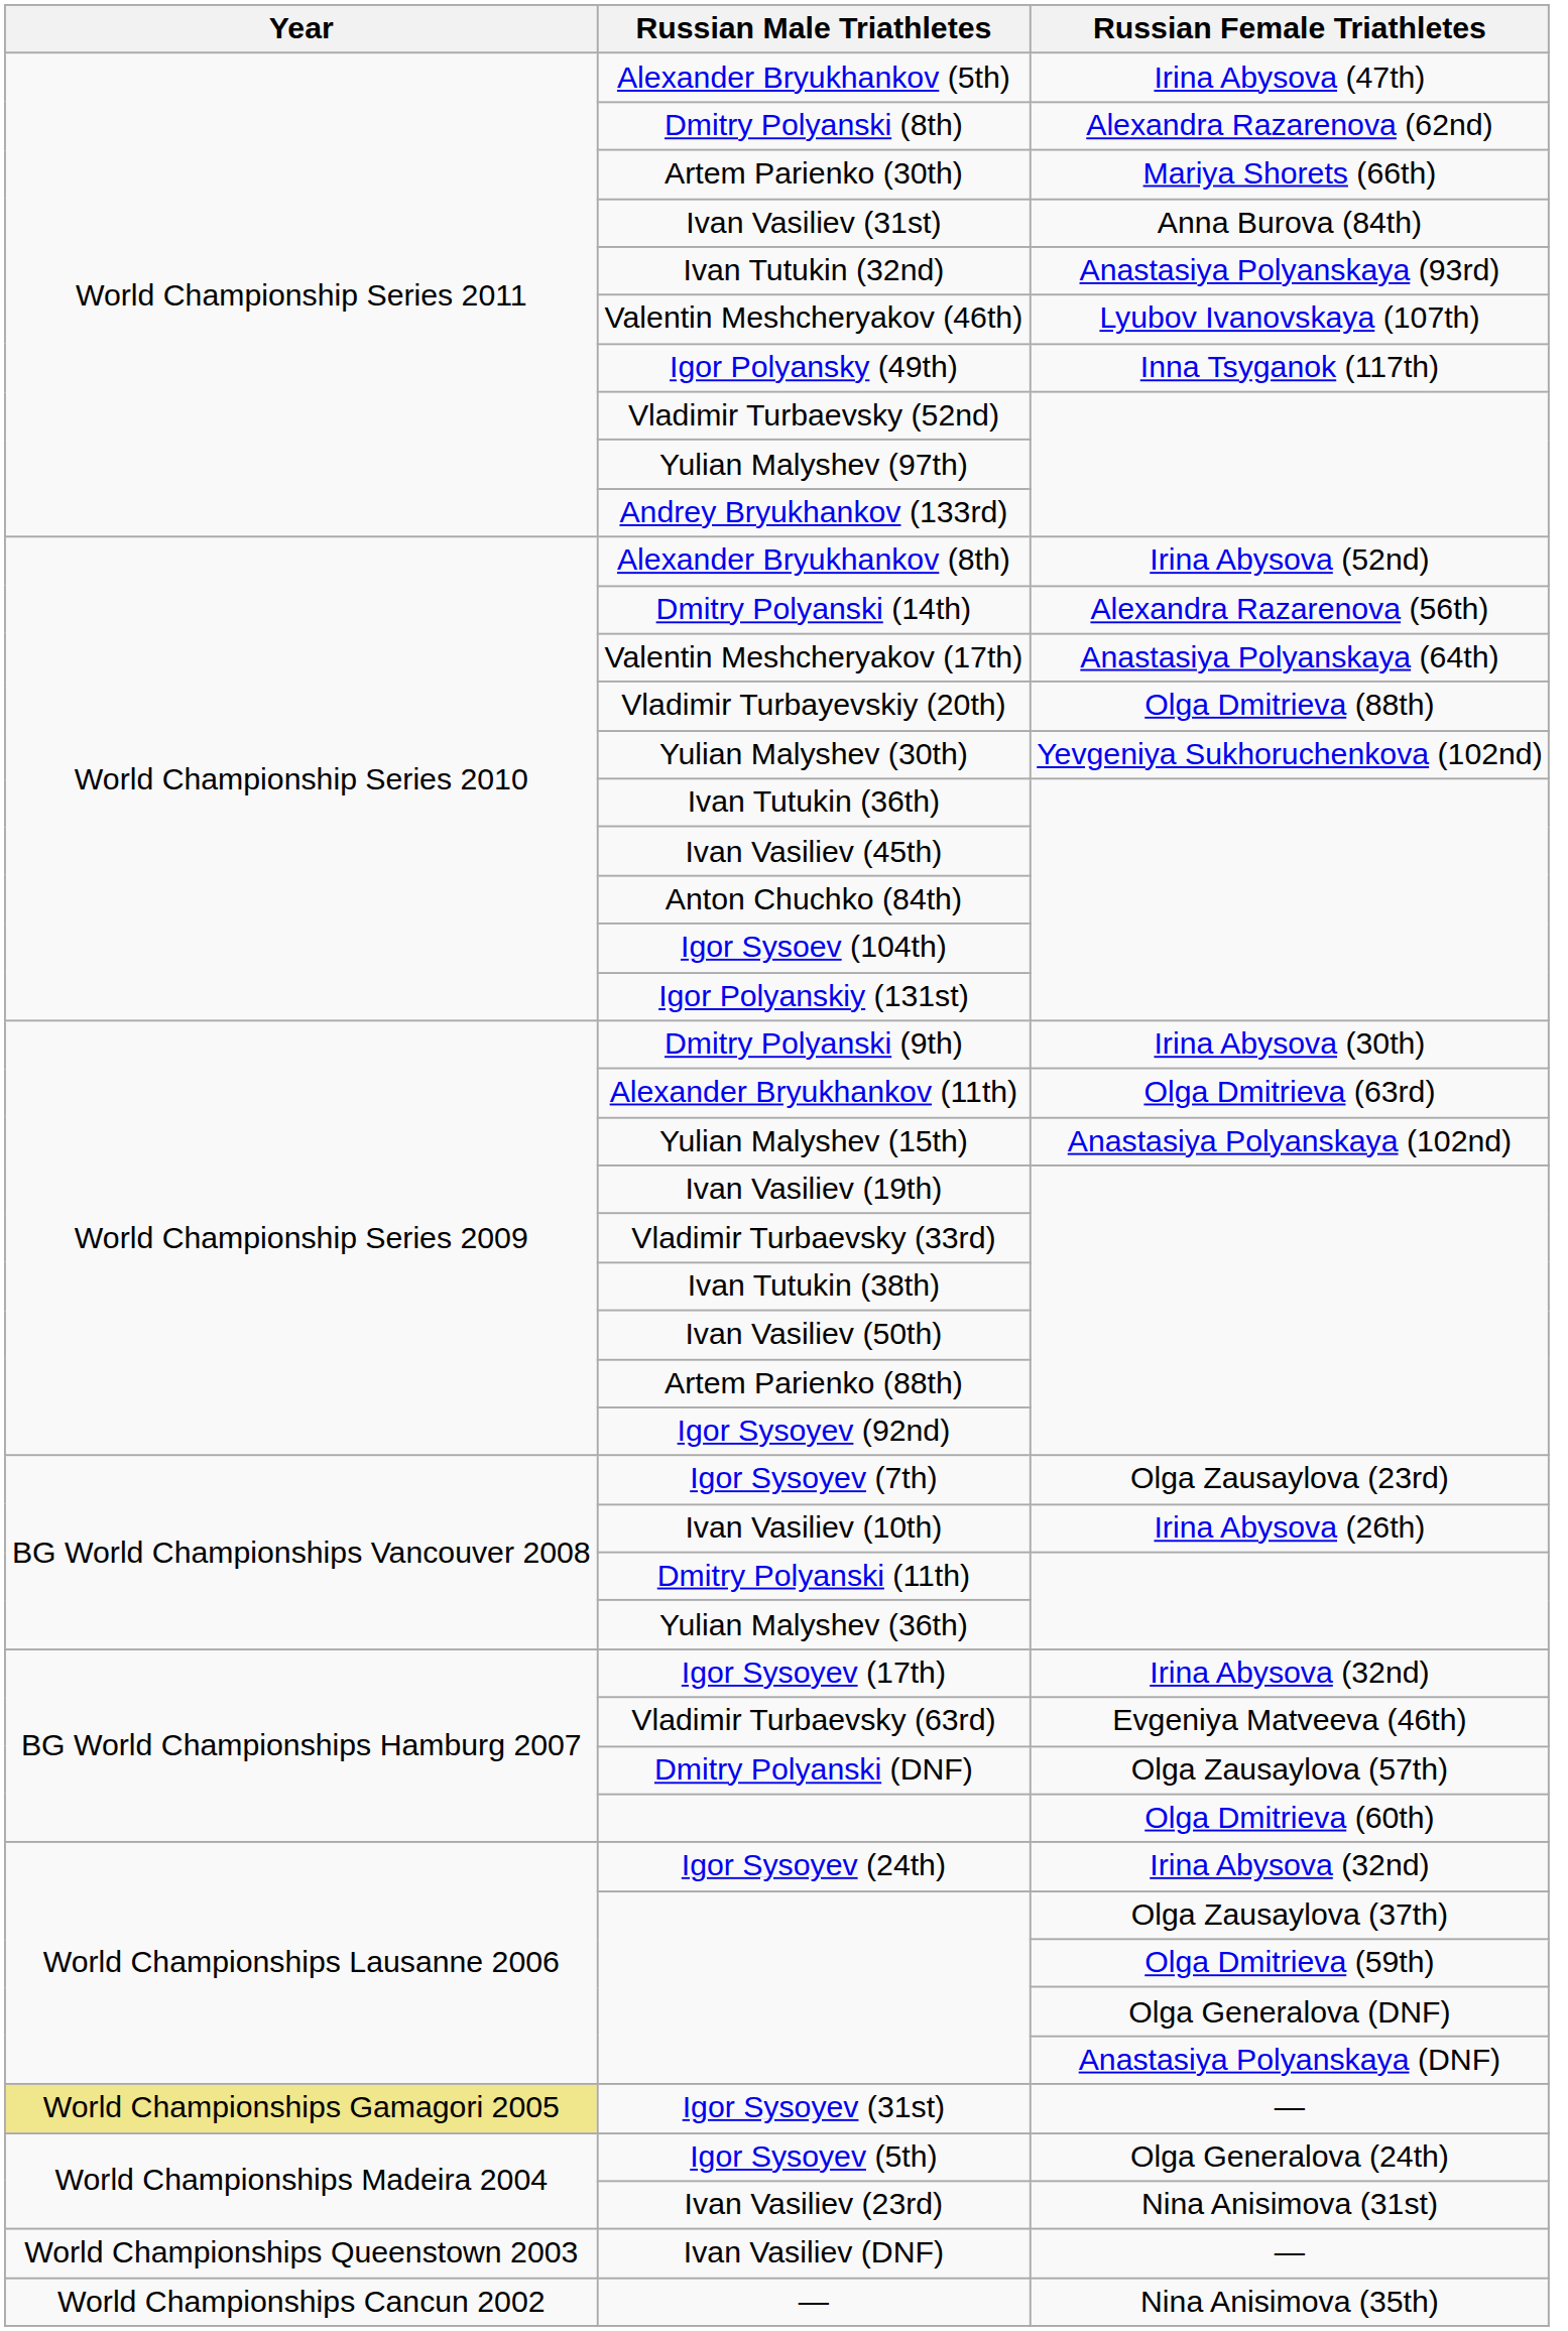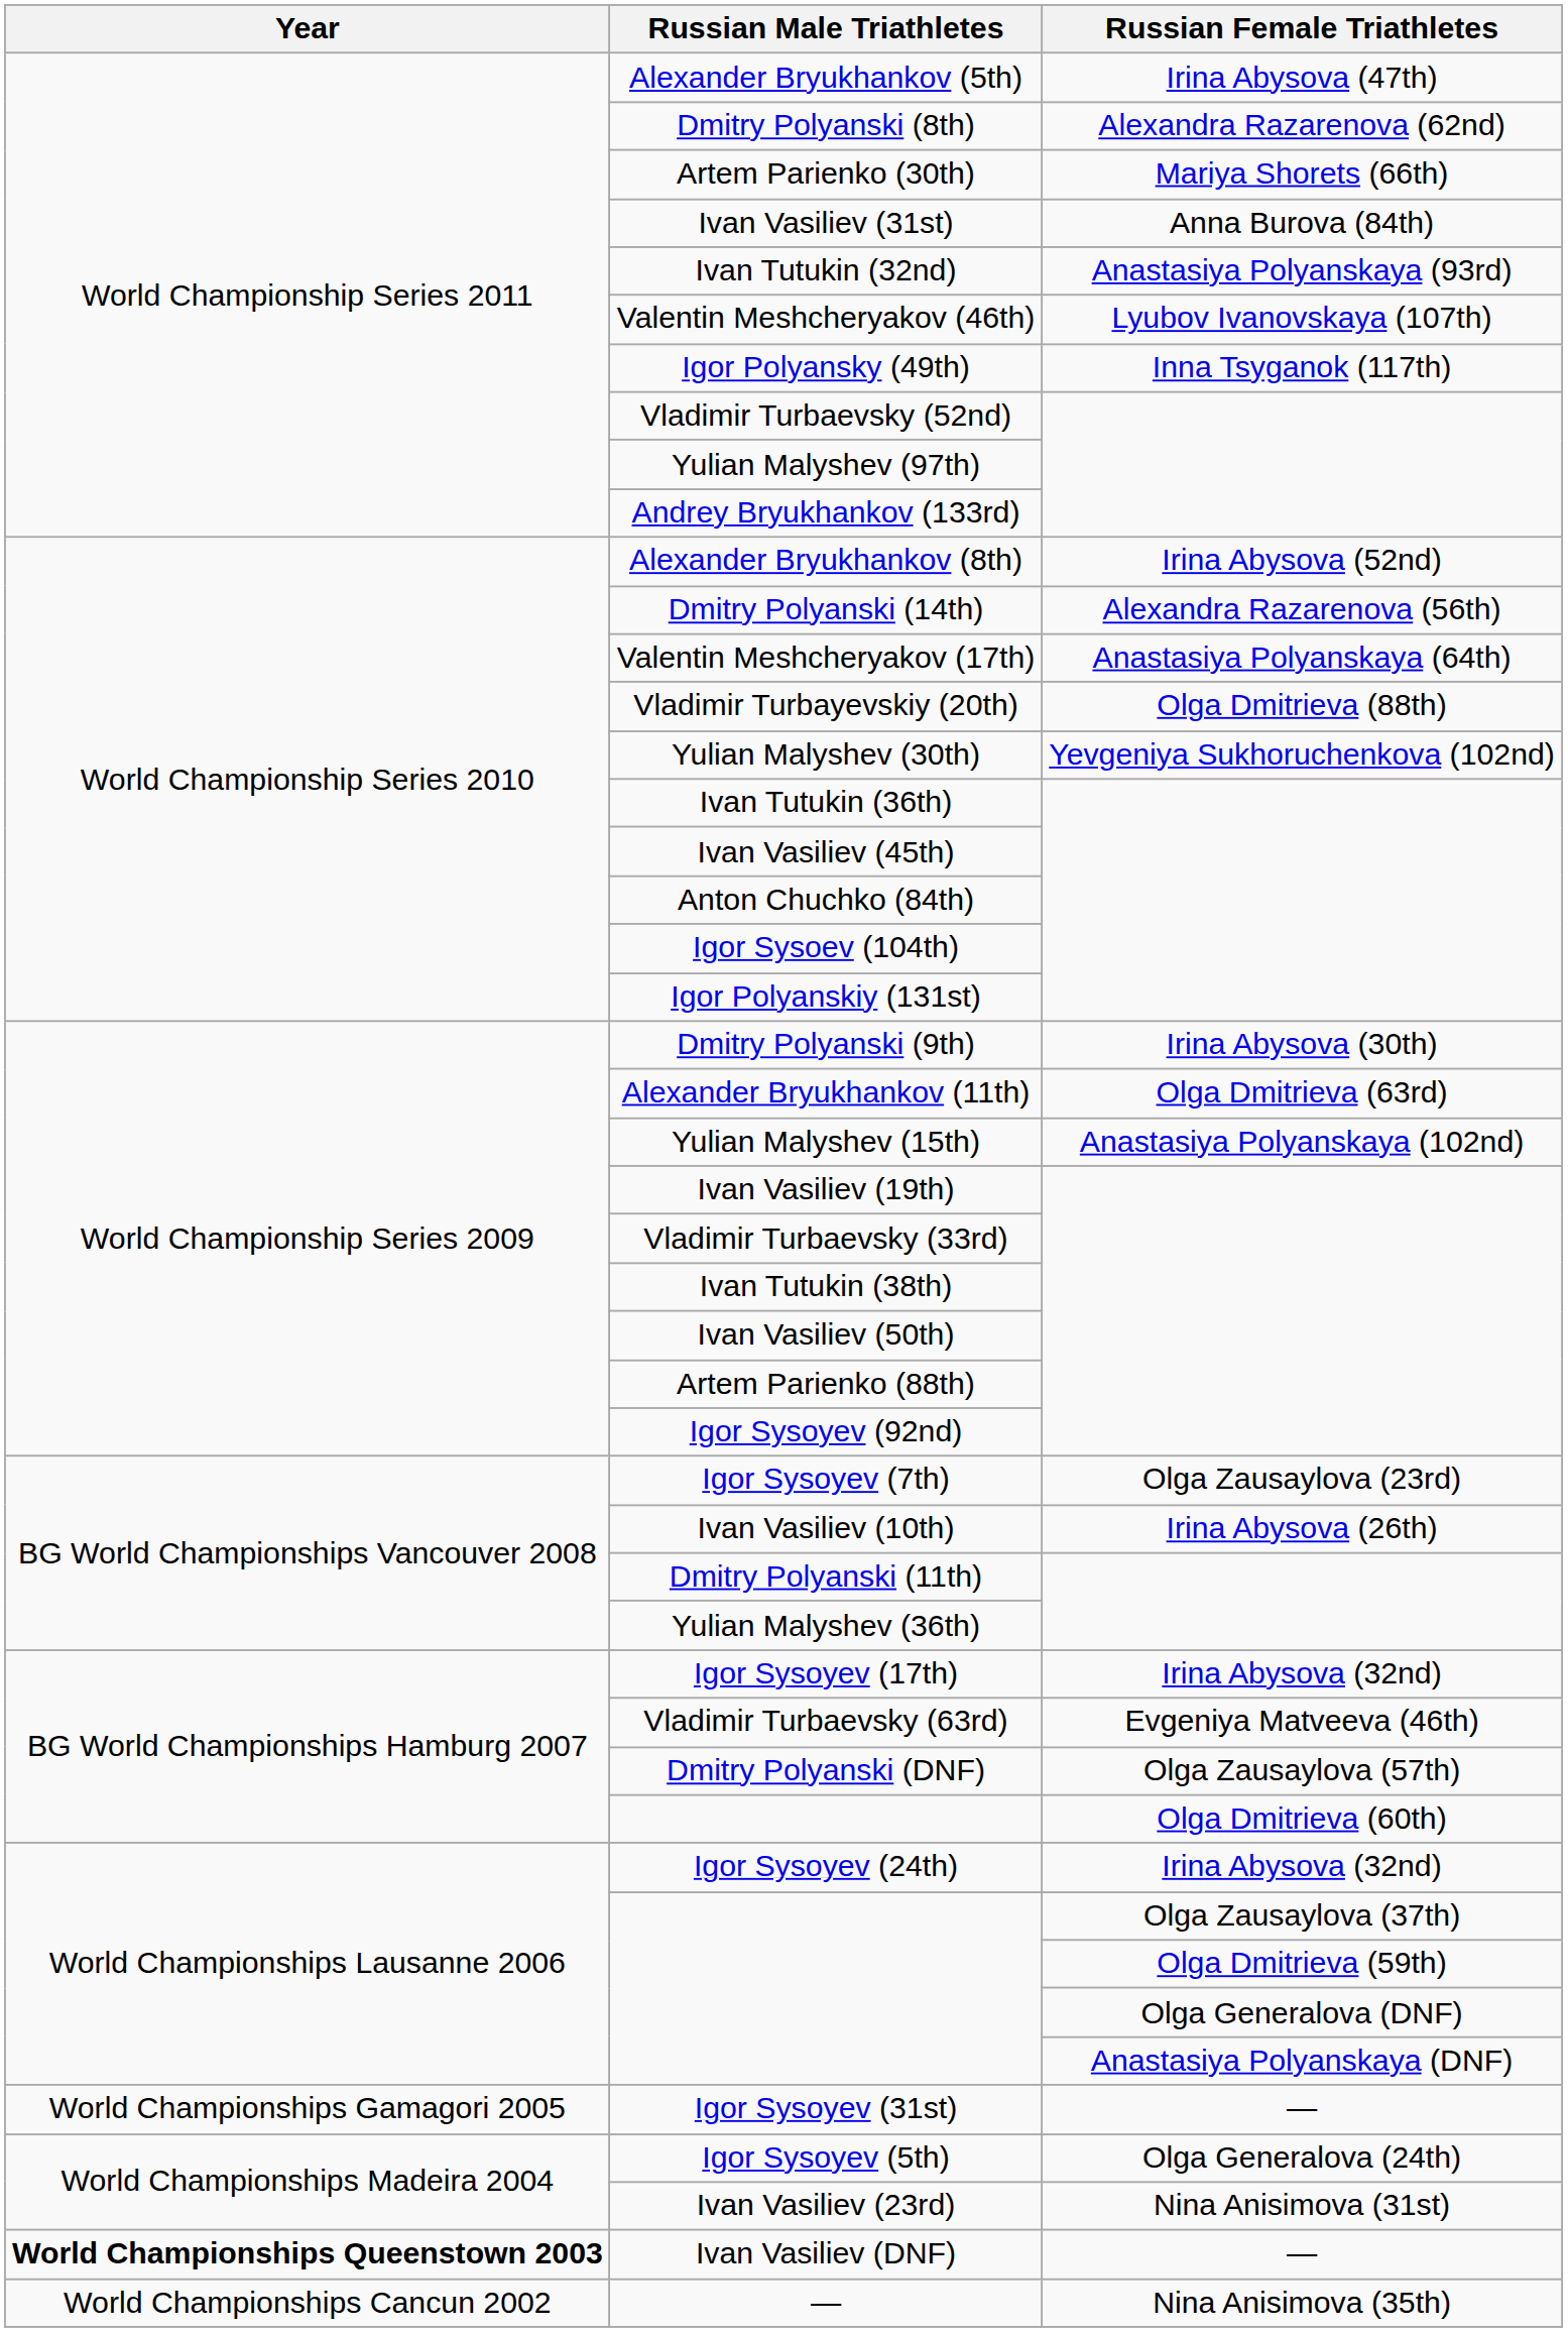 <table class="wikitable" style="text-align: center;">
 <tr>
 <th>Year</th>
 <th>Russian Male Triathletes</th>
 <th>Russian Female Triathletes</th>
 </tr>
 <tr>
 <td rowspan="10">World Championship Series 2011</td>
 <td><a href='#'>Alexander Bryukhankov</a> (5th)</td>
 <td><a href='#'>Irina Abysova</a> (47th)</td>
 </tr>
 <tr>
 <td><a href='#'>Dmitry Polyanski</a> (8th)</td>
 <td><a href='#'>Alexandra Razarenova</a> (62nd)</td>
 </tr>
 <tr>
 <td>Artem Parienko (30th)</td>
 <td><a href='#'>Mariya Shorets</a> (66th)</td>
 </tr>
 <tr>
 <td>Ivan Vasiliev (31st)</td>
 <td>Anna Burova (84th)</td>
 </tr>
 <tr>
 <td>Ivan Tutukin (32nd)</td>
 <td><a href='#'>Anastasiya Polyanskaya</a> (93rd)</td>
 </tr>
 <tr>
 <td>Valentin Meshcheryakov (46th)</td>
 <td><a href='#'>Lyubov Ivanovskaya</a> (107th)</td>
 </tr>
 <tr>
 <td><a href='#'>Igor Polyansky</a> (49th)</td>
 <td><a href='#'>Inna Tsyganok</a> (117th)</td>
 </tr>
 <tr>
 <td>Vladimir Turbaevsky (52nd)</td>
 <td rowspan="3"></td>
 </tr>
 <tr>
 <td>Yulian Malyshev (97th)</td>
 </tr>
 <tr>
 <td><a href='#'>Andrey Bryukhankov</a> (133rd)</td>
 </tr>
 <tr>
 <td rowspan="10">World Championship Series 2010</td>
 <td><a href='#'>Alexander Bryukhankov</a> (8th)</td>
 <td><a href='#'>Irina Abysova</a> (52nd)</td>
 </tr>
 <tr>
 <td><a href='#'>Dmitry Polyanski</a> (14th)</td>
 <td><a href='#'>Alexandra Razarenova</a> (56th)</td>
 </tr>
 <tr>
 <td>Valentin Meshcheryakov (17th)</td>
 <td><a href='#'>Anastasiya Polyanskaya</a> (64th)</td>
 </tr>
 <tr>
 <td>Vladimir Turbayevskiy (20th)</td>
 <td><a href='#'>Olga Dmitrieva</a> (88th)</td>
 </tr>
 <tr>
 <td>Yulian Malyshev (30th)</td>
 <td><a href='#'>Yevgeniya Sukhoruchenkova</a> (102nd)</td>
 </tr>
 <tr>
 <td>Ivan Tutukin (36th)</td>
 <td rowspan="5"></td>
 </tr>
 <tr>
 <td>Ivan Vasiliev (45th)</td>
 </tr>
 <tr>
 <td>Anton Chuchko (84th)</td>
 </tr>
 <tr>
 <td><a href='#'>Igor Sysoev</a> (104th)</td>
 </tr>
 <tr>
 <td><a href='#'>Igor Polyanskiy</a> (131st)</td>
 </tr>
 <tr>
 <td rowspan="9">World Championship Series 2009</td>
 <td><a href='#'>Dmitry Polyanski</a> (9th)</td>
 <td><a href='#'>Irina Abysova</a> (30th)</td>
 </tr>
 <tr>
 <td><a href='#'>Alexander Bryukhankov</a> (11th)</td>
 <td><a href='#'>Olga Dmitrieva</a> (63rd)</td>
 </tr>
 <tr>
 <td>Yulian Malyshev (15th)</td>
 <td><a href='#'>Anastasiya Polyanskaya</a> (102nd)</td>
 </tr>
 <tr>
 <td>Ivan Vasiliev (19th)</td>
 <td rowspan="6"></td>
 </tr>
 <tr>
 <td>Vladimir Turbaevsky (33rd)</td>
 </tr>
 <tr>
 <td>Ivan Tutukin (38th)</td>
 </tr>
 <tr>
 <td>Ivan Vasiliev (50th)</td>
 </tr>
 <tr>
 <td>Artem Parienko (88th)</td>
 </tr>
 <tr>
 <td><a href='#'>Igor Sysoyev</a> (92nd)</td>
 </tr>
 <tr>
 <td rowspan="4">BG World Championships Vancouver 2008</td>
 <td><a href='#'>Igor Sysoyev</a> (7th)</td>
 <td>Olga Zausaylova (23rd)</td>
 </tr>
 <tr>
 <td>Ivan Vasiliev (10th)</td>
 <td><a href='#'>Irina Abysova</a> (26th)</td>
 </tr>
 <tr>
 <td><a href='#'>Dmitry Polyanski</a> (11th)</td>
 <td rowspan="2"></td>
 </tr>
 <tr>
 <td>Yulian Malyshev (36th)</td>
 </tr>
 <tr>
 <td rowspan="4">BG World Championships Hamburg 2007</td>
 <td><a href='#'>Igor Sysoyev</a> (17th)</td>
 <td><a href='#'>Irina Abysova</a> (32nd)</td>
 </tr>
 <tr>
 <td>Vladimir Turbaevsky (63rd)</td>
 <td>Evgeniya Matveeva (46th)</td>
 </tr>
 <tr>
 <td><a href='#'>Dmitry Polyanski</a> (DNF)</td>
 <td>Olga Zausaylova (57th)</td>
 </tr>
 <tr>
 <td></td>
 <td><a href='#'>Olga Dmitrieva</a> (60th)</td>
 </tr>
 <tr>
 <td rowspan="5">World Championships Lausanne 2006</td>
 <td><a href='#'>Igor Sysoyev</a> (24th)</td>
 <td><a href='#'>Irina Abysova</a> (32nd)</td>
 </tr>
 <tr>
 <td rowspan="4"></td>
 <td>Olga Zausaylova (37th)</td>
 </tr>
 <tr>
 <td><a href='#'>Olga Dmitrieva</a> (59th)</td>
 </tr>
 <tr>
 <td>Olga Generalova (DNF)</td>
 </tr>
 <tr>
 <td><a href='#'>Anastasiya Polyanskaya</a> (DNF)</td>
 </tr>
 <tr>
-<td style="background: khaki;">World Championships Gamagori 2005</td>
+<td>World Championships Gamagori 2005</td>
 <td><a href='#'>Igor Sysoyev</a> (31st)</td>
 <td>—</td>
 </tr>
 <tr>
 <td rowspan="2">World Championships Madeira 2004</td>
 <td><a href='#'>Igor Sysoyev</a> (5th)</td>
 <td>Olga Generalova (24th)</td>
 </tr>
 <tr>
 <td>Ivan Vasiliev (23rd)</td>
 <td>Nina Anisimova (31st)</td>
 </tr>
 <tr>
-<td>World Championships Queenstown 2003</td>
+<td><strong>World Championships Queenstown 2003</strong></td>
 <td>Ivan Vasiliev (DNF)</td>
 <td>—</td>
 </tr>
 <tr>
 <td>World Championships Cancun 2002</td>
 <td>—</td>
 <td>Nina Anisimova (35th)</td>
 </tr>
 </table>
